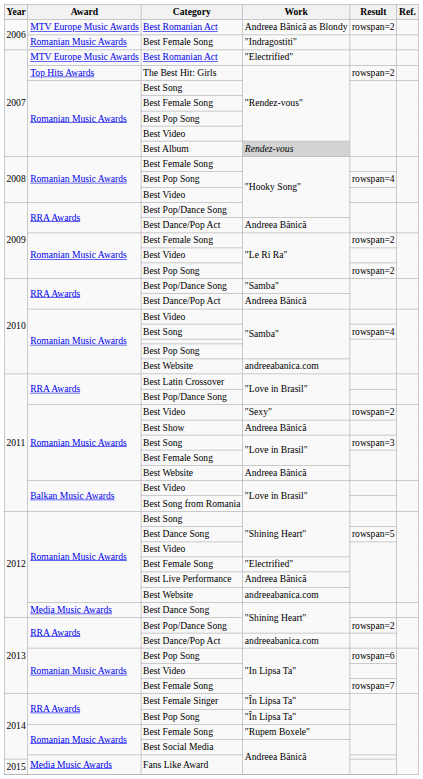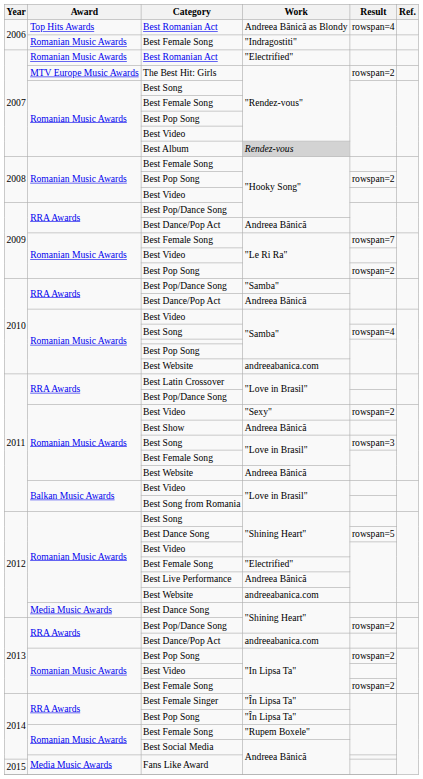 <table class="wikitable">
 <tr>
 <th>Year</th>
 <th>Award</th>
 <th>Category</th>
 <th>Work</th>
 <th>Result</th>
 <th>Ref.</th>
 </tr>
 <tr>
 <td rowspan=2>2006</td>
-<td><a href='#'>MTV Europe Music Awards</a></td>
+<td><a href='#'>Top Hits Awards</a></td>
 <td><a href='#'>Best Romanian Act</a></td>
 <td>Andreea Bănică as Blondy<br></td>
-<td>rowspan=2 </td>
+<td>rowspan=4 </td>
 <td></td>
 </tr>
 <tr>
 <td><a href='#'>Romanian Music Awards</a></td>
 <td>Best Female Song</td>
 <td>"Indragostiti"</td>
 <td></td>
 </tr>
 <tr>
 <td rowspan=7>2007</td>
-<td><a href='#'>MTV Europe Music Awards</a></td>
+<td><a href='#'>Romanian Music Awards</a></td>
 <td><a href='#'>Best Romanian Act</a></td>
 <td>"Electrified"</td>
 <td></td>
 <td></td>
 </tr>
 <tr>
-<td><a href='#'>Top Hits Awards</a></td>
+<td><a href='#'>MTV Europe Music Awards</a></td>
 <td>The Best Hit: Girls</td>
 <td rowspan=5>"Rendez-vous"</td>
 <td>rowspan=2 </td>
 <td></td>
 </tr>
 <tr>
 <td rowspan=5><a href='#'>Romanian Music Awards</a></td>
 <td>Best Song</td>
 <td rowspan=5></td>
 </tr>
 <tr>
 <td>Best Female Song</td>
 </tr>
 <tr>
 <td>Best Pop Song</td>
 </tr>
 <tr>
 <td>Best Video</td>
 </tr>
 <tr>
 <td>Best Album</td>
 <td style="background: lightgrey;"><em>Rendez-vous</em></td>
 </tr>
 <tr>
 <td rowspan=3>2008</td>
 <td rowspan=3><a href='#'>Romanian Music Awards</a></td>
 <td>Best Female Song</td>
 <td rowspan=4>"Hooky Song"</td>
 <td></td>
 <td rowspan=3></td>
 </tr>
 <tr>
 <td>Best Pop Song</td>
-<td>rowspan=4 </td>
+<td>rowspan=2 </td>
 </tr>
 <tr>
 <td>Best Video</td>
 </tr>
 <tr>
 <td rowspan=5>2009</td>
 <td rowspan=2><a href='#'>RRA Awards</a></td>
 <td>Best Pop/Dance Song</td>
 <td rowspan=2></td>
 </tr>
 <tr>
 <td>Best Dance/Pop Act</td>
 <td>Andreea Bănică</td>
 </tr>
 <tr>
 <td rowspan=3><a href='#'>Romanian Music Awards</a></td>
 <td>Best Female Song</td>
 <td rowspan=3>"Le Ri Ra"</td>
-<td>rowspan=2 </td>
+<td>rowspan=7 </td>
 <td rowspan=3></td>
 </tr>
 <tr>
 <td>Best Video</td>
 </tr>
 <tr>
 <td>Best Pop Song</td>
 <td>rowspan=2 </td>
 </tr>
 <tr>
 <td rowspan=7>2010</td>
 <td rowspan=2><a href='#'>RRA Awards</a></td>
 <td>Best Pop/Dance Song</td>
 <td>"Samba"</td>
 <td rowspan=2></td>
 </tr>
 <tr>
 <td>Best Dance/Pop Act</td>
 <td>Andreea Bănică</td>
 </tr>
 <tr>
 <td rowspan=5><a href='#'>Romanian Music Awards</a></td>
 <td>Best Video</td>
 <td rowspan=4>"Samba"</td>
 <td></td>
 <td rowspan=5></td>
 </tr>
 <tr>
 <td>Best Song</td>
 <td>rowspan=4 </td>
 </tr>
 <tr>
 <td></td>
 </tr>
 <tr>
 <td>Best Pop Song</td>
 </tr>
 <tr>
 <td>Best Website</td>
 <td>andreeabanica.com</td>
 </tr>
 <tr>
 <td rowspan=9>2011</td>
 <td rowspan=2><a href='#'>RRA Awards</a></td>
 <td>Best Latin Crossover</td>
 <td rowspan=2>"Love in Brasil"</td>
 <td></td>
 <td rowspan=2></td>
 </tr>
 <tr>
 <td>Best Pop/Dance Song</td>
 <td></td>
 </tr>
 <tr>
 <td rowspan=5><a href='#'>Romanian Music Awards</a></td>
 <td>Best Video</td>
 <td>"Sexy"</td>
 <td>rowspan=2 </td>
 <td rowspan=5></td>
 </tr>
 <tr>
 <td>Best Show</td>
 <td>Andreea Bănică</td>
 </tr>
 <tr>
 <td>Best Song</td>
 <td rowspan=2>"Love in Brasil"</td>
 <td>rowspan=3 </td>
 </tr>
 <tr>
 <td>Best Female Song</td>
 </tr>
 <tr>
 <td>Best Website</td>
 <td>Andreea Bănică</td>
 </tr>
 <tr>
 <td rowspan=2><a href='#'>Balkan Music Awards</a></td>
 <td>Best Video</td>
 <td rowspan=2>"Love in Brasil"</td>
 <td></td>
 <td rowspan=2></td>
 </tr>
 <tr>
 <td>Best Song from Romania</td>
 <td></td>
 </tr>
 <tr>
 <td rowspan=7>2012</td>
 <td rowspan=6><a href='#'>Romanian Music Awards</a></td>
 <td>Best Song</td>
 <td rowspan=3>"Shining Heart"<br></td>
 <td></td>
 <td rowspan=6></td>
 </tr>
 <tr>
 <td>Best Dance Song</td>
 <td>rowspan=5 </td>
 </tr>
 <tr>
 <td>Best Video</td>
 </tr>
 <tr>
 <td>Best Female Song</td>
 <td>"Electrified"</td>
 </tr>
 <tr>
 <td>Best Live Performance</td>
 <td>Andreea Bănică</td>
 </tr>
 <tr>
 <td>Best Website</td>
 <td>andreeabanica.com</td>
 </tr>
 <tr>
 <td><a href='#'>Media Music Awards</a></td>
 <td>Best Dance Song</td>
 <td rowspan=2>"Shining Heart"<br></td>
 <td></td>
 <td></td>
 </tr>
 <tr>
 <td rowspan=5>2013</td>
 <td rowspan=2><a href='#'>RRA Awards</a></td>
 <td>Best Pop/Dance Song</td>
 <td>rowspan=2 </td>
 <td rowspan=2></td>
 </tr>
 <tr>
 <td>Best Dance/Pop Act</td>
 <td>andreeabanica.com</td>
 </tr>
 <tr>
 <td rowspan=3><a href='#'>Romanian Music Awards</a></td>
 <td>Best Pop Song</td>
 <td rowspan=3>"In Lipsa Ta"</td>
-<td>rowspan=6 </td>
+<td>rowspan=2 </td>
 <td rowspan=3></td>
 </tr>
 <tr>
 <td>Best Video</td>
 </tr>
 <tr>
 <td>Best Female Song</td>
-<td>rowspan=7 </td>
+<td>rowspan=2 </td>
 </tr>
 <tr>
 <td rowspan=5>2014</td>
 <td rowspan=2><a href='#'>RRA Awards</a></td>
 <td>Best Female Singer</td>
 <td>"În Lipsa Ta"</td>
 <td rowspan=2></td>
 </tr>
 <tr>
 <td>Best Pop Song</td>
 <td>"În Lipsa Ta"</td>
 </tr>
 <tr>
 <td rowspan=2><a href='#'>Romanian Music Awards</a></td>
 <td>Best Female Song</td>
 <td>"Rupem Boxele"</td>
 <td rowspan=2></td>
 </tr>
 <tr>
 <td>Best Social Media</td>
 <td rowspan=3>Andreea Bănică</td>
 </tr>
 <tr>
 <td rowspan=2><a href='#'>Media Music Awards</a></td>
 <td rowspan=2>Fans Like Award</td>
 <td></td>
 </tr>
 <tr>
 <td>2015</td>
 <td></td>
 </tr>
 <tr>
 </tr>
 </table>
